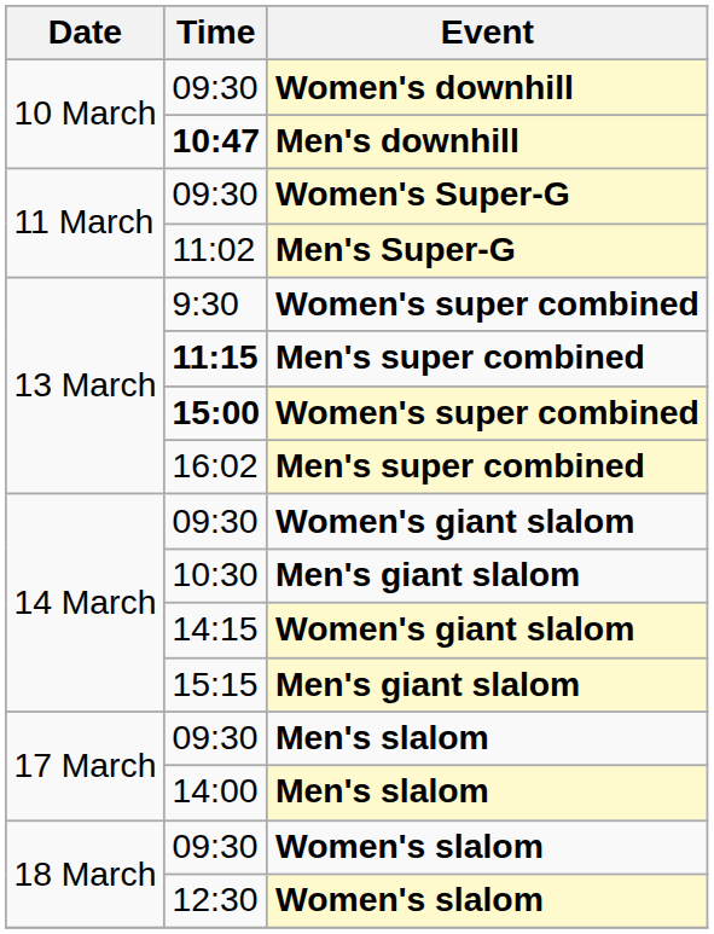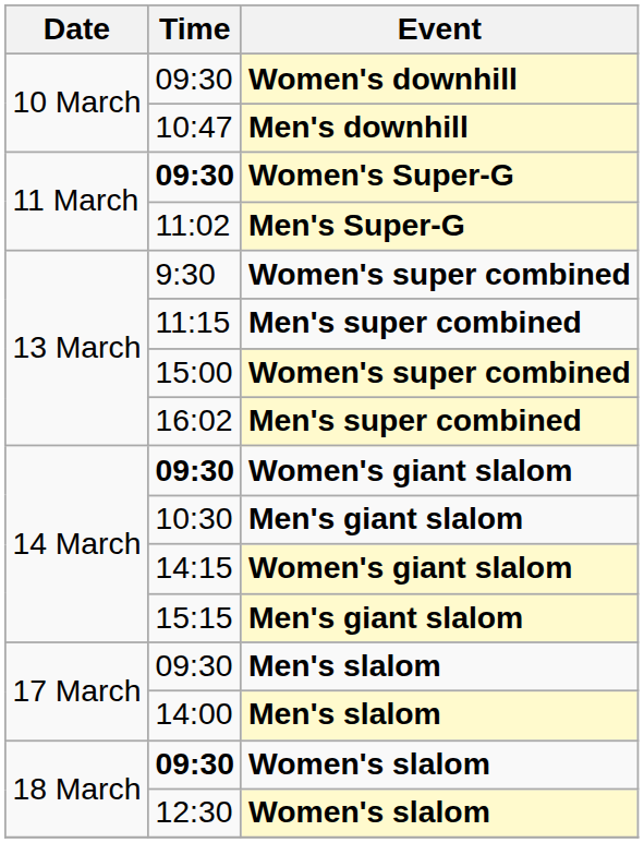 <table class=wikitable>
 <tr>
 <th>Date</th>
 <th>Time</th>
 <th>Event</th>
 </tr>
 <tr>
 <td rowspan=2>10 March</td>
 <td>09:30</td>
 <td style=background:lemonchiffon><strong>Women's downhill</strong></td>
 </tr>
 <tr>
-<td><strong>10:47</strong></td>
+<td>10:47</td>
 <td style=background:lemonchiffon><strong>Men's downhill</strong></td>
 </tr>
 <tr>
 <td rowspan=2>11 March</td>
-<td>09:30</td>
+<td><strong>09:30</strong></td>
 <td style=background:lemonchiffon><strong>Women's Super-G</strong></td>
 </tr>
 <tr>
 <td>11:02</td>
 <td style=background:lemonchiffon><strong>Men's Super-G</strong></td>
 </tr>
 <tr>
 <td rowspan=4>13 March</td>
 <td>9:30</td>
 <td><strong>Women's super combined</strong></td>
 </tr>
 <tr>
-<td><strong>11:15</strong></td>
+<td>11:15</td>
 <td><strong>Men's super combined</strong></td>
 </tr>
 <tr>
-<td><strong>15:00</strong></td>
+<td>15:00</td>
 <td style=background:lemonchiffon><strong>Women's super combined</strong></td>
 </tr>
 <tr>
 <td>16:02</td>
 <td style=background:lemonchiffon><strong>Men's super combined</strong></td>
 </tr>
 <tr>
 <td rowspan=4>14 March</td>
-<td>09:30</td>
+<td><strong>09:30</strong></td>
 <td><strong>Women's giant slalom</strong></td>
 </tr>
 <tr>
 <td>10:30</td>
 <td><strong>Men's giant slalom</strong></td>
 </tr>
 <tr>
 <td>14:15</td>
 <td style=background:lemonchiffon><strong>Women's giant slalom</strong></td>
 </tr>
 <tr>
 <td>15:15</td>
 <td style=background:lemonchiffon><strong>Men's giant slalom</strong></td>
 </tr>
 <tr>
 <td rowspan=2>17 March</td>
 <td>09:30</td>
 <td><strong>Men's slalom</strong></td>
 </tr>
 <tr>
 <td>14:00</td>
 <td style=background:lemonchiffon><strong>Men's slalom</strong></td>
 </tr>
 <tr>
 <td rowspan=2>18 March</td>
-<td>09:30</td>
+<td><strong>09:30</strong></td>
 <td><strong>Women's slalom</strong></td>
 </tr>
 <tr>
 <td>12:30</td>
 <td style=background:lemonchiffon><strong>Women's slalom</strong></td>
 </tr>
 <tr>
 </tr>
 </table>
